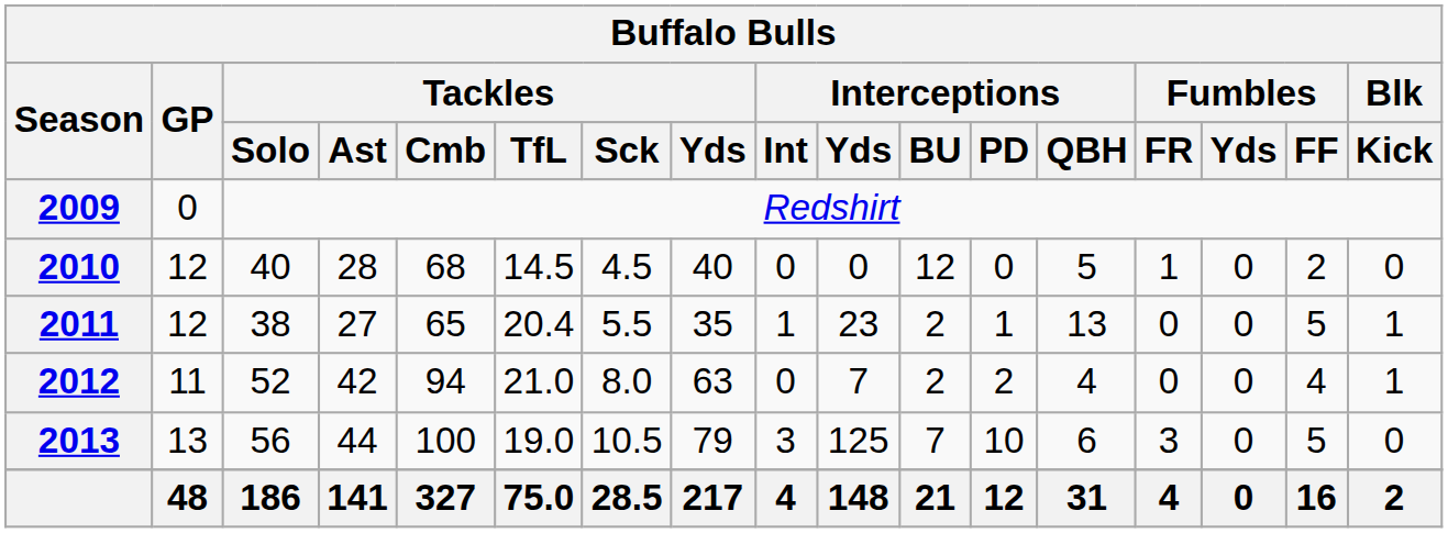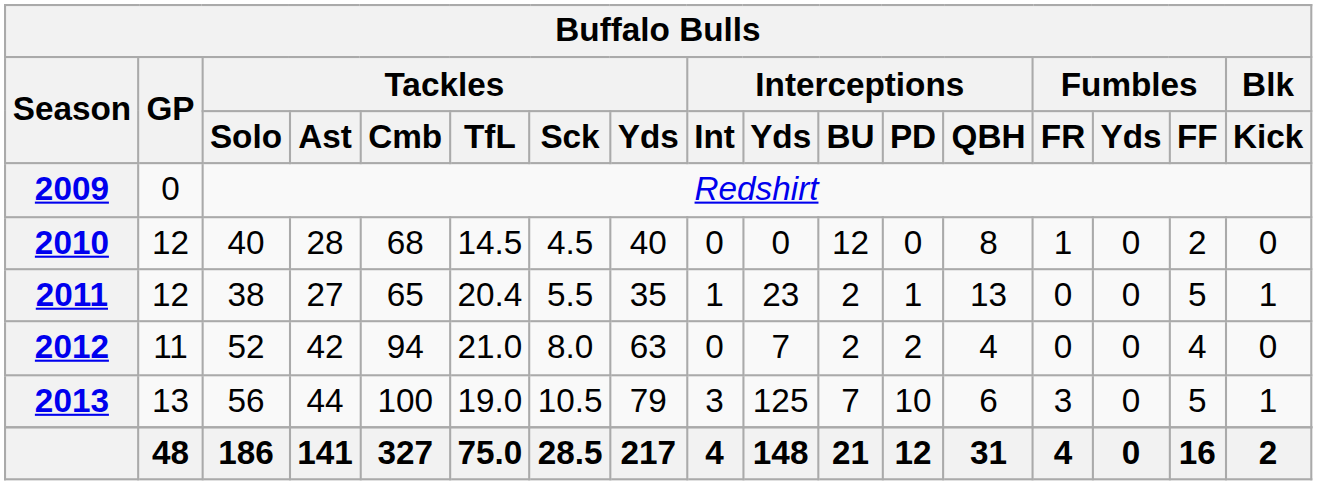 <table class="wikitable" style="text-align:center;">
 <tr>
 <th colspan="19"><strong>Buffalo Bulls</strong></th>
 </tr>
 <tr>
 <th rowspan="2">Season</th>
 <th rowspan="2">GP</th>
 <th colspan="6">Tackles</th>
 <th colspan="5">Interceptions</th>
 <th colspan="3">Fumbles</th>
 <th>Blk</th>
 </tr>
 <tr>
 <th>Solo</th>
 <th>Ast</th>
 <th>Cmb</th>
 <th>TfL</th>
 <th>Sck</th>
 <th>Yds</th>
 <th>Int</th>
 <th>Yds</th>
 <th>BU</th>
 <th>PD</th>
 <th>QBH</th>
 <th>FR</th>
 <th>Yds</th>
 <th>FF</th>
 <th>Kick</th>
 </tr>
 <tr>
 <th><a href='#'>2009</a></th>
 <td>0</td>
 <td colspan="16"> <em><a href='#'>Redshirt</a></em></td>
 </tr>
 <tr>
 <th><a href='#'>2010</a></th>
 <td>12</td>
 <td>40</td>
 <td>28</td>
 <td>68</td>
 <td>14.5</td>
 <td>4.5</td>
 <td>40</td>
 <td>0</td>
 <td>0</td>
 <td>12</td>
 <td>0</td>
-<td>5</td>
+<td>8</td>
 <td>1</td>
 <td>0</td>
 <td>2</td>
 <td>0</td>
 </tr>
 <tr>
 <th><a href='#'>2011</a></th>
 <td>12</td>
 <td>38</td>
 <td>27</td>
 <td>65</td>
 <td>20.4</td>
 <td>5.5</td>
 <td>35</td>
 <td>1</td>
 <td>23</td>
 <td>2</td>
 <td>1</td>
 <td>13</td>
 <td>0</td>
 <td>0</td>
 <td>5</td>
 <td>1</td>
 </tr>
 <tr>
 <th><a href='#'>2012</a></th>
 <td>11</td>
 <td>52</td>
 <td>42</td>
 <td>94</td>
 <td>21.0</td>
 <td>8.0</td>
 <td>63</td>
 <td>0</td>
 <td>7</td>
 <td>2</td>
 <td>2</td>
 <td>4</td>
 <td>0</td>
 <td>0</td>
 <td>4</td>
-<td>1</td>
+<td>0</td>
 </tr>
 <tr>
 <th><a href='#'>2013</a></th>
 <td>13</td>
 <td>56</td>
 <td>44</td>
 <td>100</td>
 <td>19.0</td>
 <td>10.5</td>
 <td>79</td>
 <td>3</td>
 <td>125</td>
 <td>7</td>
 <td>10</td>
 <td>6</td>
 <td>3</td>
 <td>0</td>
 <td>5</td>
-<td>0</td>
+<td>1</td>
 </tr>
 <tr>
 </tr>
 <tr>
 <th></th>
 <th>48</th>
 <th>186</th>
 <th>141</th>
 <th>327</th>
 <th>75.0</th>
 <th>28.5</th>
 <th>217</th>
 <th>4</th>
 <th>148</th>
 <th>21</th>
 <th>12</th>
 <th>31</th>
 <th>4</th>
 <th>0</th>
 <th>16</th>
 <th>2</th>
 </tr>
 </table>
